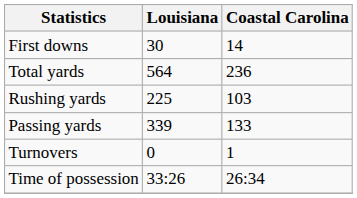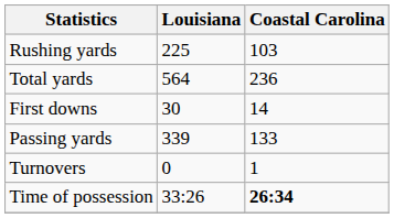 <table class="wikitable">
 <tr>
 <th>Statistics</th>
 <th>Louisiana</th>
 <th>Coastal Carolina</th>
 </tr>
 <tr>
-<td>First downs</td>
-<td>30</td>
-<td>14</td>
+<td>Rushing yards</td>
+<td>225</td>
+<td>103</td>
 </tr>
 <tr>
 <td>Total yards</td>
 <td>564</td>
 <td>236</td>
 </tr>
 <tr>
-<td>Rushing yards</td>
-<td>225</td>
-<td>103</td>
+<td>First downs</td>
+<td>30</td>
+<td>14</td>
 </tr>
 <tr>
 <td>Passing yards</td>
 <td>339</td>
 <td>133</td>
 </tr>
 <tr>
 <td>Turnovers</td>
 <td>0</td>
 <td>1</td>
 </tr>
 <tr>
 <td>Time of possession</td>
 <td>33:26</td>
-<td>26:34</td>
+<td><strong>26:34</strong></td>
 </tr>
 <tr>
 </tr>
 </table>
